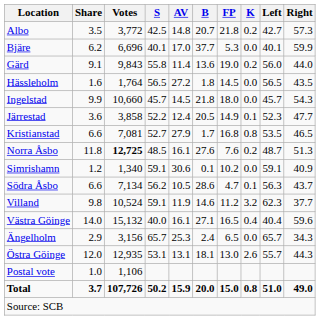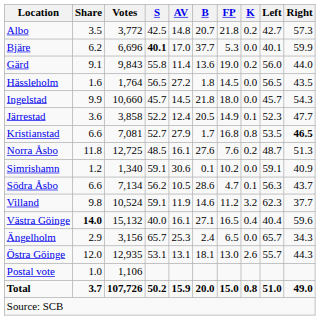 <table class="wikitable sortable" style=text-align:right>
 <tr>
 <th>Location</th>
 <th>Share</th>
 <th>Votes</th>
 <th><a href='#'>S</a></th>
 <th><a href='#'>AV</a></th>
 <th><a href='#'>B</a></th>
 <th><a href='#'>FP</a></th>
 <th><a href='#'>K</a></th>
 <th>Left</th>
 <th>Right</th>
 </tr>
 <tr>
 <td align=left><a href='#'>Albo</a></td>
 <td>3.5</td>
 <td>3,772</td>
 <td>42.5</td>
 <td>14.8</td>
 <td>20.7</td>
 <td>21.8</td>
 <td>0.2</td>
 <td>42.7</td>
 <td>57.3</td>
 </tr>
 <tr>
 <td align=left><a href='#'>Bjäre</a></td>
 <td>6.2</td>
 <td>6,696</td>
-<td>40.1</td>
+<td><strong>40.1</strong></td>
 <td>17.0</td>
 <td>37.7</td>
 <td>5.3</td>
 <td>0.0</td>
 <td>40.1</td>
 <td>59.9</td>
 </tr>
 <tr>
 <td align=left><a href='#'>Gärd</a></td>
 <td>9.1</td>
 <td>9,843</td>
 <td>55.8</td>
 <td>11.4</td>
 <td>13.6</td>
 <td>19.0</td>
 <td>0.2</td>
 <td>56.0</td>
 <td>44.0</td>
 </tr>
 <tr>
 <td align=left><a href='#'>Hässleholm</a></td>
 <td>1.6</td>
 <td>1,764</td>
 <td>56.5</td>
 <td>27.2</td>
 <td>1.8</td>
 <td>14.5</td>
 <td>0.0</td>
 <td>56.5</td>
 <td>43.5</td>
 </tr>
 <tr>
 <td align=left><a href='#'>Ingelstad</a></td>
 <td>9.9</td>
 <td>10,660</td>
 <td>45.7</td>
 <td>14.5</td>
 <td>21.8</td>
 <td>18.0</td>
 <td>0.0</td>
 <td>45.7</td>
 <td>54.3</td>
 </tr>
 <tr>
 <td align=left><a href='#'>Järrestad</a></td>
 <td>3.6</td>
 <td>3,858</td>
 <td>52.2</td>
 <td>12.4</td>
 <td>20.5</td>
 <td>14.9</td>
 <td>0.1</td>
 <td>52.3</td>
 <td>47.7</td>
 </tr>
 <tr>
 <td align=left><a href='#'>Kristianstad</a></td>
 <td>6.6</td>
 <td>7,081</td>
 <td>52.7</td>
 <td>27.9</td>
 <td>1.7</td>
 <td>16.8</td>
 <td>0.8</td>
 <td>53.5</td>
-<td>46.5</td>
+<td><strong>46.5</strong></td>
 </tr>
 <tr>
 <td align=left><a href='#'>Norra Åsbo</a></td>
 <td>11.8</td>
-<td><strong>12,725</strong></td>
+<td>12,725</td>
 <td>48.5</td>
 <td>16.1</td>
 <td>27.6</td>
 <td>7.6</td>
 <td>0.2</td>
 <td>48.7</td>
 <td>51.3</td>
 </tr>
 <tr>
 <td align=left><a href='#'>Simrishamn</a></td>
 <td>1.2</td>
 <td>1,340</td>
 <td>59.1</td>
 <td>30.6</td>
 <td>0.1</td>
 <td>10.2</td>
 <td>0.0</td>
 <td>59.1</td>
 <td>40.9</td>
 </tr>
 <tr>
 <td align=left><a href='#'>Södra Åsbo</a></td>
 <td>6.6</td>
 <td>7,134</td>
 <td>56.2</td>
 <td>10.5</td>
 <td>28.6</td>
 <td>4.7</td>
 <td>0.1</td>
 <td>56.3</td>
 <td>43.7</td>
 </tr>
 <tr>
 <td align=left><a href='#'>Villand</a></td>
 <td>9.8</td>
 <td>10,524</td>
 <td>59.1</td>
 <td>11.9</td>
 <td>14.6</td>
 <td>11.2</td>
 <td>3.2</td>
 <td>62.3</td>
 <td>37.7</td>
 </tr>
 <tr>
 <td align=left><a href='#'>Västra Göinge</a></td>
-<td>14.0</td>
+<td><strong>14.0</strong></td>
 <td>15,132</td>
 <td>40.0</td>
 <td>16.1</td>
 <td>27.1</td>
 <td>16.5</td>
 <td>0.4</td>
 <td>40.4</td>
 <td>59.6</td>
 </tr>
 <tr>
 <td align=left><a href='#'>Ängelholm</a></td>
 <td>2.9</td>
 <td>3,156</td>
 <td>65.7</td>
 <td>25.3</td>
 <td>2.4</td>
 <td>6.5</td>
 <td>0.0</td>
 <td>65.7</td>
 <td>34.3</td>
 </tr>
 <tr>
 <td align=left><a href='#'>Östra Göinge</a></td>
 <td>12.0</td>
 <td>12,935</td>
 <td>53.1</td>
 <td>13.1</td>
 <td>18.1</td>
 <td>13.0</td>
 <td>2.6</td>
 <td>55.7</td>
 <td>44.3</td>
 </tr>
 <tr>
 <td align=left><a href='#'>Postal vote</a></td>
 <td>1.0</td>
 <td>1,106</td>
 <td></td>
 <td></td>
 <td></td>
 <td></td>
 <td></td>
 <td></td>
 <td></td>
 </tr>
 <tr>
 <td align=left><strong>Total</strong></td>
 <td><strong>3.7</strong></td>
 <td><strong>107,726</strong></td>
 <td><strong>50.2</strong></td>
 <td><strong>15.9</strong></td>
 <td><strong>20.0</strong></td>
 <td><strong>15.0</strong></td>
 <td><strong>0.8</strong></td>
 <td><strong>51.0</strong></td>
 <td><strong>49.0</strong></td>
 </tr>
 <tr>
 <td align=left colspan=10>Source: SCB </td>
 </tr>
 </table>
